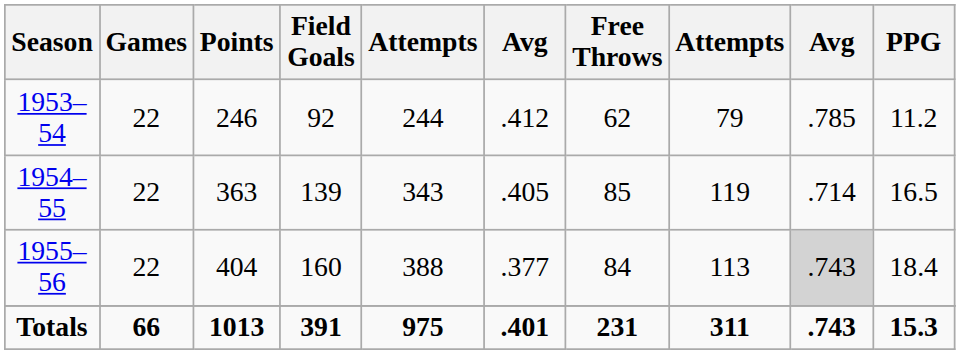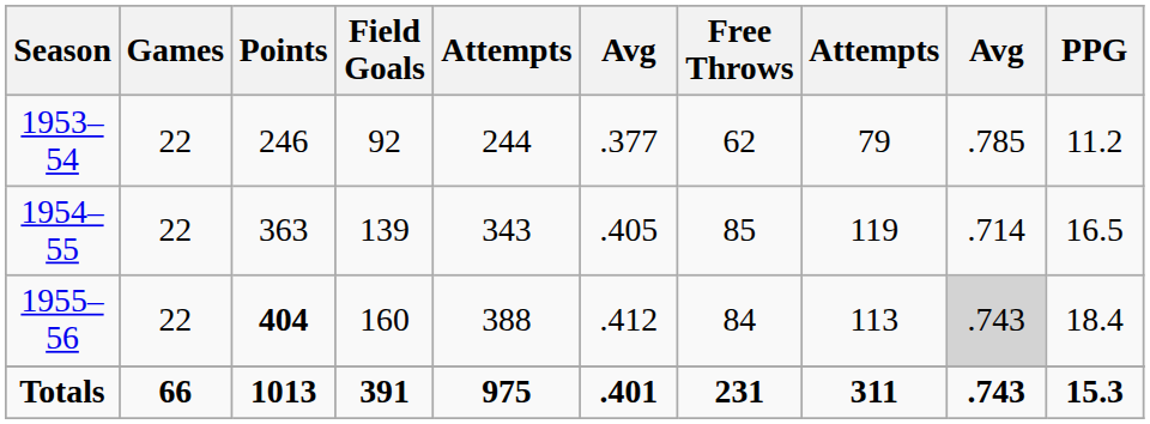 <table class="wikitable sortable" style="text-align:center">
 <tr>
 <th width=40px>Season</th>
 <th width=40px>Games</th>
 <th width=40px>Points</th>
 <th width=40px>Field Goals</th>
 <th width=40px>Attempts</th>
 <th width=40px>Avg</th>
 <th width=40px>Free Throws</th>
 <th width=40px>Attempts</th>
 <th width=40px>Avg</th>
 <th width=40px>PPG</th>
 </tr>
 <tr>
 <td><a href='#'>1953–54</a></td>
 <td>22</td>
 <td>246</td>
 <td>92</td>
 <td>244</td>
-<td>.412</td>
+<td>.377</td>
 <td>62</td>
 <td>79</td>
 <td>.785</td>
 <td>11.2</td>
 </tr>
 <tr>
 <td><a href='#'>1954–55</a></td>
 <td>22</td>
 <td>363</td>
 <td>139</td>
 <td>343</td>
 <td>.405</td>
 <td>85</td>
 <td>119</td>
 <td>.714</td>
 <td>16.5</td>
 </tr>
 <tr>
 <td><a href='#'>1955–56</a></td>
 <td>22</td>
-<td>404</td>
+<td><strong>404</strong></td>
 <td>160</td>
 <td>388</td>
-<td>.377</td>
+<td>.412</td>
 <td>84</td>
 <td>113</td>
 <td style="background: lightgrey;">.743</td>
 <td>18.4</td>
 </tr>
 <tr>
 </tr>
 <tr class="sortbottom">
 <td><strong>Totals</strong></td>
 <td><strong>66</strong></td>
 <td><strong>1013</strong></td>
 <td><strong>391</strong></td>
 <td><strong>975</strong></td>
 <td><strong>.401</strong></td>
 <td><strong>231</strong></td>
 <td><strong>311</strong></td>
 <td><strong>.743</strong></td>
 <td><strong>15.3</strong></td>
 </tr>
 </table>
